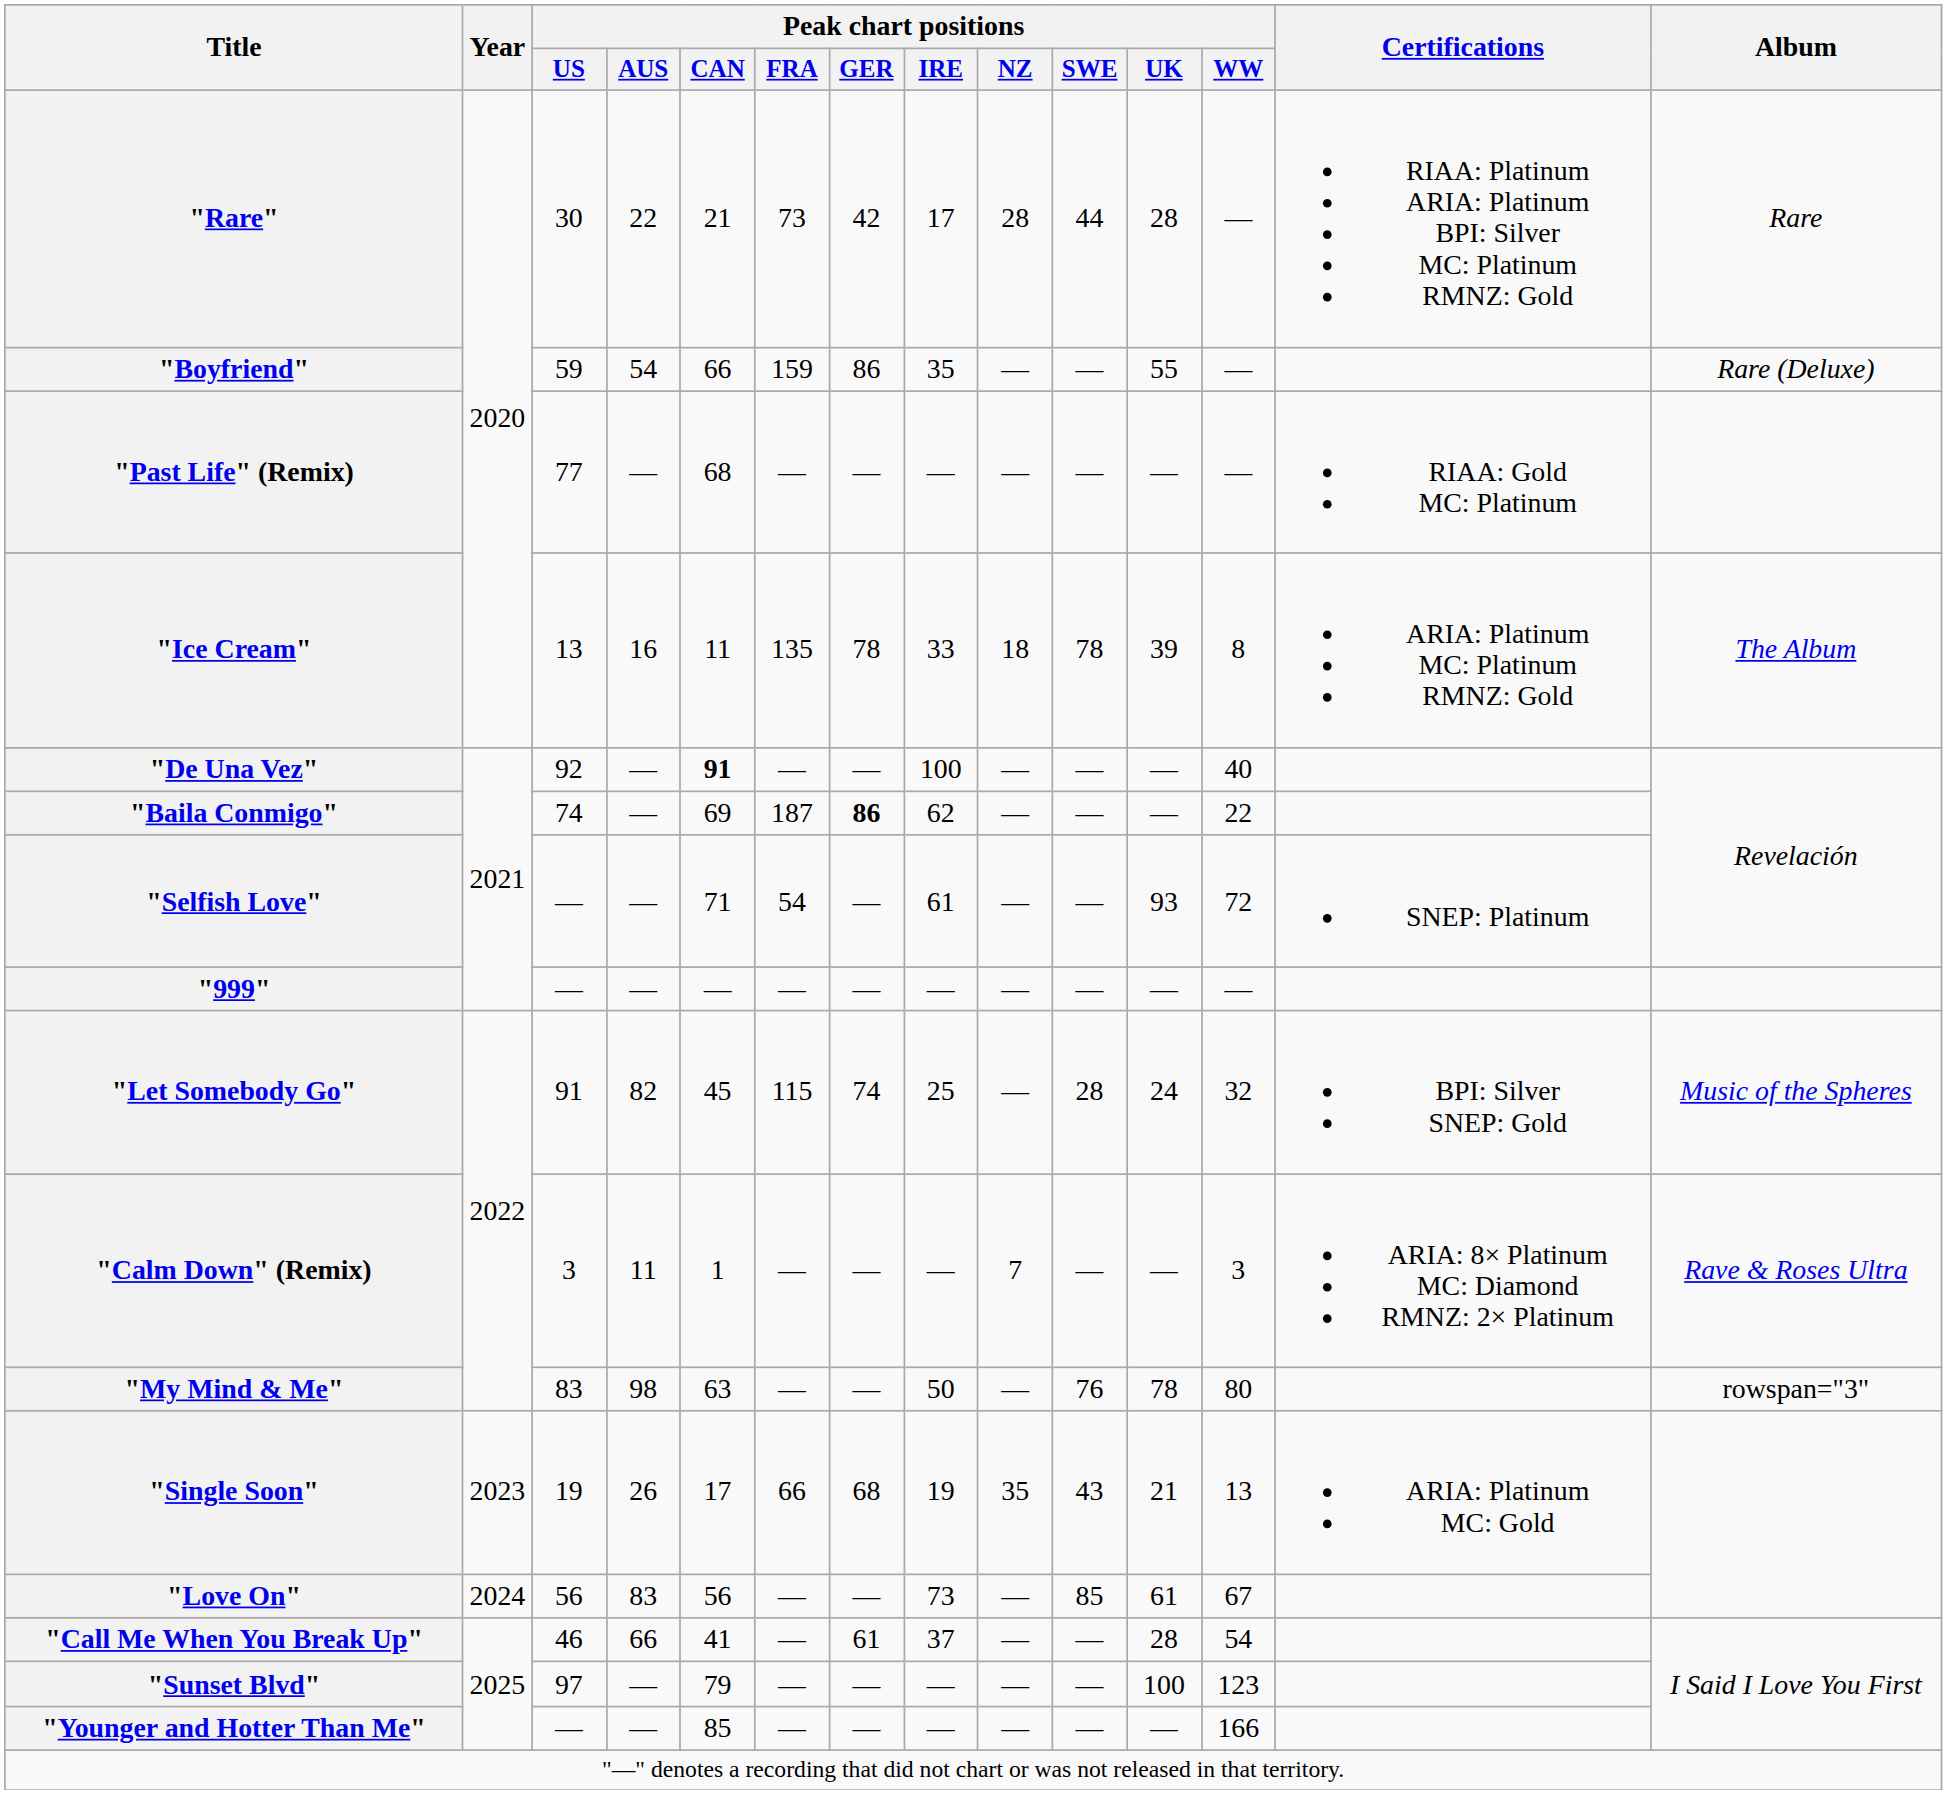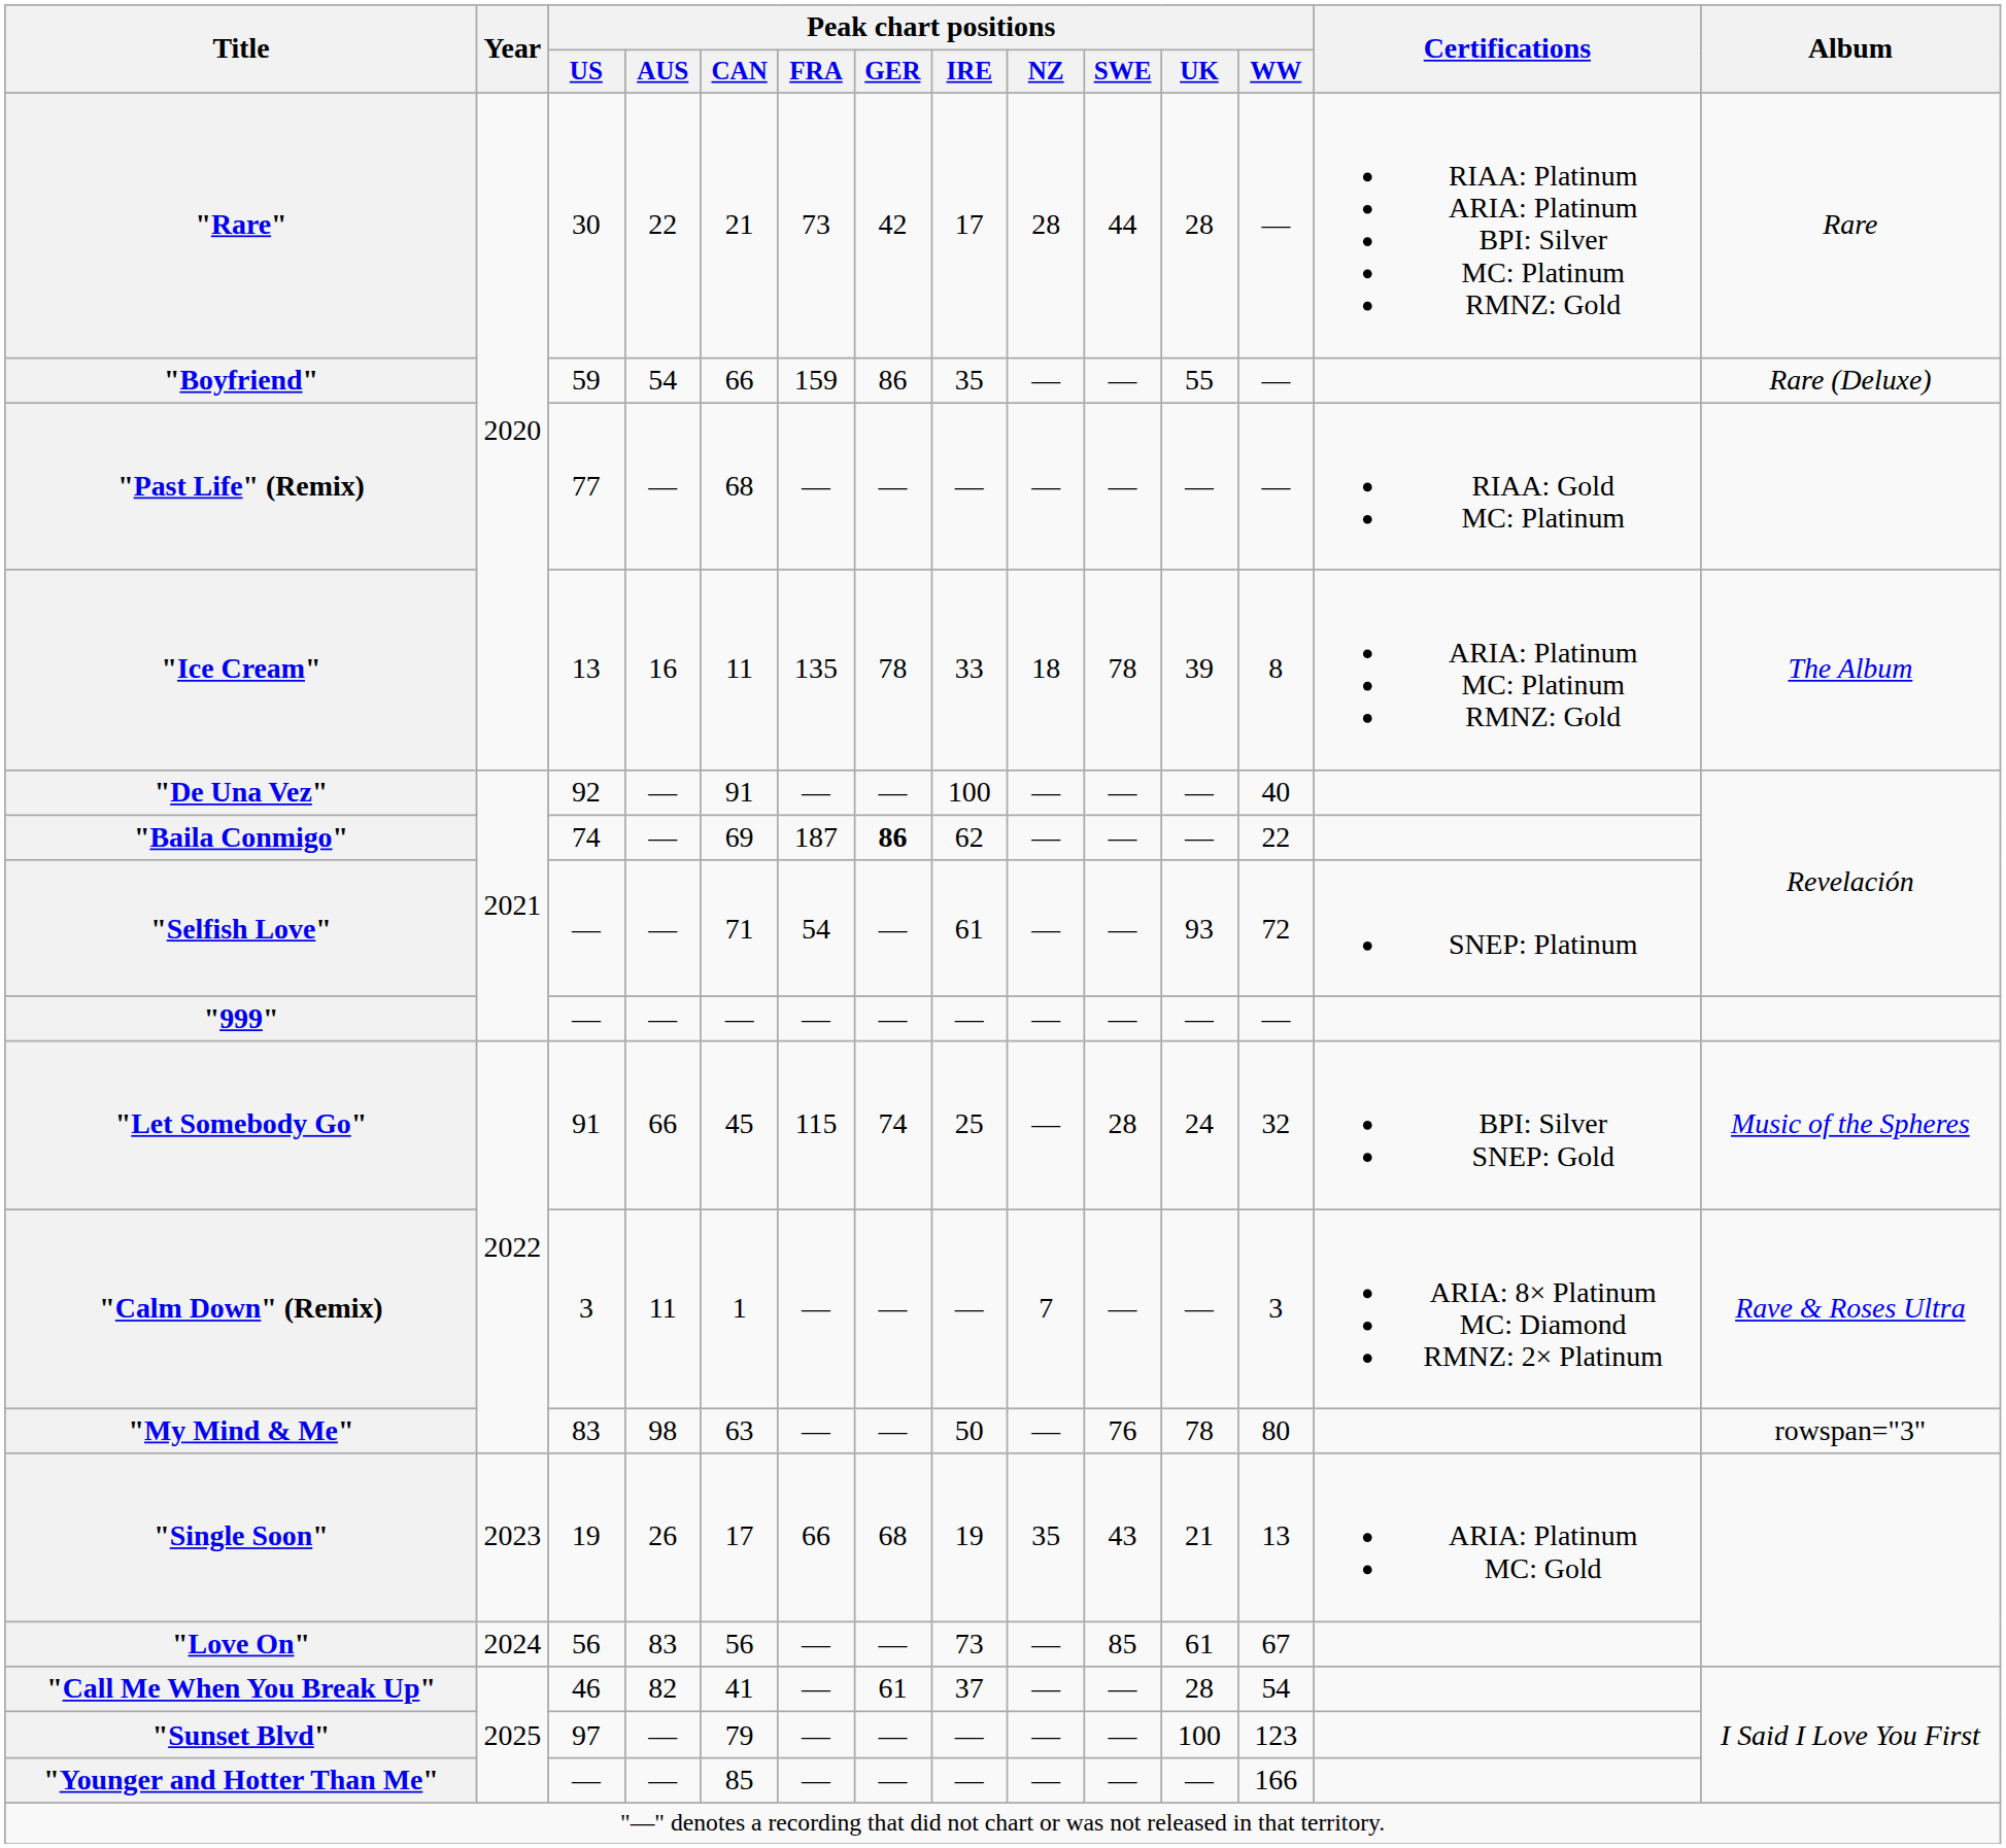 <table class="wikitable plainrowheaders" style="text-align:center;">
 <tr>
 <th scope="col" rowspan="2" style="width:16em;">Title</th>
 <th scope="col" rowspan="2" style="width:1em;">Year</th>
 <th scope="col" colspan="10">Peak chart positions</th>
 <th scope="col" rowspan="2" style="width:13em;"><a href='#'>Certifications</a></th>
 <th scope="col" rowspan="2" style="width:10em;">Album</th>
 </tr>
 <tr>
 <th scope="col" style="width:2.5em;font-size:90%;"><a href='#'>US</a><br></th>
 <th scope="col" style="width:2.5em;font-size:90%;"><a href='#'>AUS</a><br></th>
 <th scope="col" style="width:2.5em;font-size:90%;"><a href='#'>CAN</a><br></th>
 <th scope="col" style="width:2.5em;font-size:90%;"><a href='#'>FRA</a><br></th>
 <th scope="col" style="width:2.5em;font-size:90%;"><a href='#'>GER</a> <br></th>
 <th scope="col" style="width:2.5em;font-size:90%;"><a href='#'>IRE</a><br></th>
 <th scope="col" style="width:2.5em;font-size:90%;"><a href='#'>NZ</a><br></th>
 <th scope="col" style="width:2.5em;font-size:90%;"><a href='#'>SWE</a><br></th>
 <th scope="col" style="width:2.5em;font-size:90%;"><a href='#'>UK</a><br></th>
 <th scope="col" style="width:2.5em;font-size:90%;"><a href='#'>WW</a><br></th>
 </tr>
 <tr>
 <th scope="row">"<a href='#'>Rare</a>"</th>
 <td rowspan="4">2020</td>
 <td>30</td>
 <td>22</td>
 <td>21</td>
 <td>73</td>
 <td>42</td>
 <td>17</td>
 <td>28</td>
 <td>44</td>
 <td>28</td>
 <td>—</td>
 <td><br><ul><li>RIAA: Platinum</li><li>ARIA: Platinum</li><li>BPI: Silver</li><li>MC: Platinum</li><li>RMNZ: Gold</li></ul></td>
 <td><em>Rare</em></td>
 </tr>
 <tr>
 <th scope="row">"<a href='#'>Boyfriend</a>"</th>
 <td>59</td>
 <td>54</td>
 <td>66</td>
 <td>159</td>
 <td>86</td>
 <td>35</td>
 <td>—</td>
 <td>—</td>
 <td>55</td>
 <td>—</td>
 <td></td>
 <td><em>Rare (Deluxe)</em></td>
 </tr>
 <tr>
 <th scope="row">"<a href='#'>Past Life</a>" (Remix)<br></th>
 <td>77</td>
 <td>—</td>
 <td>68</td>
 <td>—</td>
 <td>—</td>
 <td>—</td>
 <td>—</td>
 <td>—</td>
 <td>—</td>
 <td>—</td>
 <td><br><ul><li>RIAA: Gold</li><li>MC: Platinum</li></ul></td>
 <td></td>
 </tr>
 <tr>
 <th scope="row">"<a href='#'>Ice Cream</a>"<br></th>
 <td>13</td>
 <td>16</td>
 <td>11</td>
 <td>135</td>
 <td>78</td>
 <td>33</td>
 <td>18</td>
 <td>78</td>
 <td>39</td>
 <td>8</td>
 <td><br><ul><li>ARIA: Platinum</li><li>MC: Platinum</li><li>RMNZ: Gold</li></ul></td>
 <td><em><a href='#'>The Album</a></em></td>
 </tr>
 <tr>
 <th scope="row">"<a href='#'>De Una Vez</a>"</th>
 <td rowspan="4">2021</td>
 <td>92</td>
 <td>—</td>
-<td><strong>91</strong></td>
+<td>91</td>
 <td>—</td>
 <td>—</td>
 <td>100</td>
 <td>—</td>
 <td>—</td>
 <td>—</td>
 <td>40</td>
 <td></td>
 <td rowspan="3"><em>Revelación</em></td>
 </tr>
 <tr>
 <th scope="row">"<a href='#'>Baila Conmigo</a>" <br></th>
 <td>74</td>
 <td>—</td>
 <td>69</td>
 <td>187</td>
 <td><strong>86</strong></td>
 <td>62</td>
 <td>—</td>
 <td>—</td>
 <td>—</td>
 <td>22</td>
 <td></td>
 </tr>
 <tr>
 <th scope="row">"<a href='#'>Selfish Love</a>"<br></th>
 <td>—</td>
 <td>—</td>
 <td>71</td>
 <td>54</td>
 <td>—</td>
 <td>61</td>
 <td>—</td>
 <td>—</td>
 <td>93</td>
 <td>72</td>
 <td><br><ul><li>SNEP: Platinum</li></ul></td>
 </tr>
 <tr>
 <th scope="row">"<a href='#'>999</a>"<br></th>
 <td>—</td>
 <td>—</td>
 <td>—</td>
 <td>—</td>
 <td>—</td>
 <td>—</td>
 <td>—</td>
 <td>—</td>
 <td>—</td>
 <td>—</td>
 <td></td>
 <td></td>
 </tr>
 <tr>
 <th scope="row">"<a href='#'>Let Somebody Go</a>"<br></th>
 <td rowspan="3">2022</td>
 <td>91</td>
-<td>82</td>
+<td>66</td>
 <td>45</td>
 <td>115</td>
 <td>74</td>
 <td>25</td>
 <td>—</td>
 <td>28</td>
 <td>24</td>
 <td>32</td>
 <td><br><ul><li>BPI: Silver</li><li>SNEP: Gold</li></ul></td>
 <td><em><a href='#'>Music of the Spheres</a></em></td>
 </tr>
 <tr>
 <th scope="row">"<a href='#'>Calm Down</a>" (Remix)<br></th>
 <td>3</td>
 <td>11</td>
 <td>1</td>
 <td>—</td>
 <td>—</td>
 <td>—</td>
 <td>7</td>
 <td>—</td>
 <td>—</td>
 <td>3</td>
 <td><br><ul><li>ARIA: 8× Platinum</li><li>MC: Diamond</li><li>RMNZ: 2× Platinum</li></ul></td>
 <td><em><a href='#'>Rave & Roses Ultra</a></em></td>
 </tr>
 <tr>
 <th scope="row">"<a href='#'>My Mind & Me</a>"</th>
 <td>83</td>
 <td>98</td>
 <td>63</td>
 <td>—</td>
 <td>—</td>
 <td>50</td>
 <td>—</td>
 <td>76</td>
 <td>78</td>
 <td>80</td>
 <td></td>
 <td>rowspan="3" </td>
 </tr>
 <tr>
 <th scope="row">"<a href='#'>Single Soon</a>"</th>
 <td>2023</td>
 <td>19</td>
 <td>26</td>
 <td>17</td>
 <td>66</td>
 <td>68</td>
 <td>19</td>
 <td>35</td>
 <td>43</td>
 <td>21</td>
 <td>13</td>
 <td><br><ul><li>ARIA: Platinum</li><li>MC: Gold</li></ul></td>
 </tr>
 <tr>
 <th scope="row">"<a href='#'>Love On</a>"</th>
 <td>2024</td>
 <td>56</td>
 <td>83</td>
 <td>56</td>
 <td>—</td>
 <td>—</td>
 <td>73</td>
 <td>—</td>
 <td>85</td>
 <td>61</td>
 <td>67</td>
 <td></td>
 </tr>
 <tr>
 <th scope="row">"<a href='#'>Call Me When You Break Up</a>"<br></th>
 <td rowspan="3">2025</td>
 <td>46</td>
-<td>66</td>
+<td>82</td>
 <td>41</td>
 <td>—</td>
 <td>61</td>
 <td>37</td>
 <td>—</td>
 <td>—</td>
 <td>28</td>
 <td>54</td>
 <td></td>
 <td rowspan="3"><em>I Said I Love You First</em></td>
 </tr>
 <tr>
 <th scope="row">"<a href='#'>Sunset Blvd</a>"<br></th>
 <td>97</td>
 <td>—</td>
 <td>79</td>
 <td>—</td>
 <td>—</td>
 <td>—</td>
 <td>—</td>
 <td>—</td>
 <td>100</td>
 <td>123</td>
 <td></td>
 </tr>
 <tr>
 <th scope="row">"<a href='#'>Younger and Hotter Than Me</a>"<br></th>
 <td>—</td>
 <td>—</td>
 <td>85</td>
 <td>—</td>
 <td>—</td>
 <td>—</td>
 <td>—</td>
 <td>—</td>
 <td>—</td>
 <td>166</td>
 <td></td>
 </tr>
 <tr>
 <td colspan="15" style="font-size:85%">"—" denotes a recording that did not chart or was not released in that territory.</td>
 </tr>
 </table>
